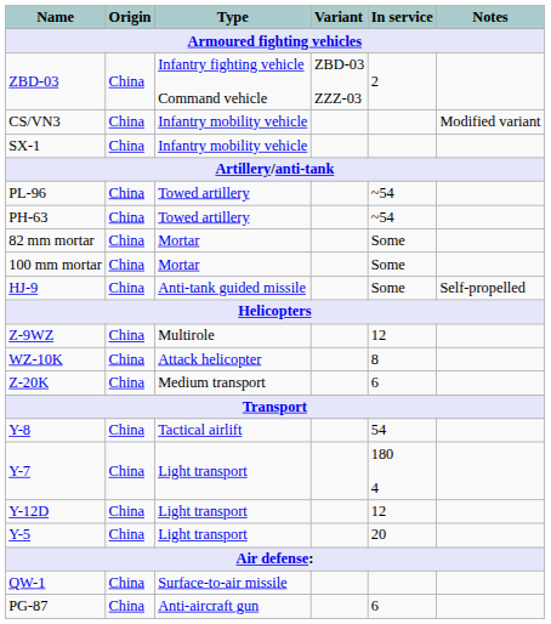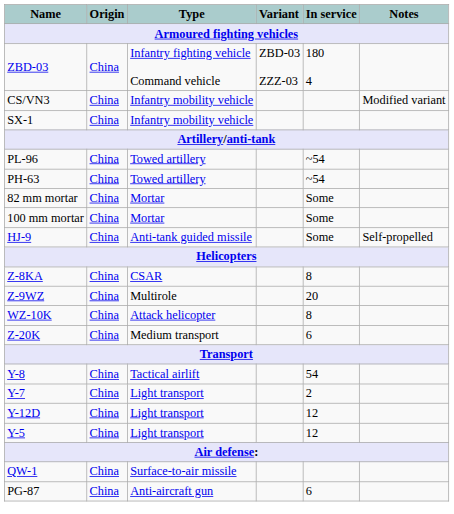 <table class="wikitable">
 <tr>
 <th style="text-align:center; background:#acc;">Name</th>
 <th style="text-align: center; background:#acc;">Origin</th>
 <th style="text-align:l center; background:#acc;">Type</th>
 <th style="text-align:left; background:#acc;">Variant</th>
 <th style="text-align:center; background:#acc;">In service</th>
 <th style="text-align: center; background:#acc;">Notes</th>
 </tr>
 <tr>
 <th colspan="6" style="align: center; background: lavender;"><a href='#'>Armoured fighting vehicles</a></th>
 </tr>
 <tr>
 <td><a href='#'>ZBD-03</a></td>
 <td><a href='#'>China</a></td>
 <td><a href='#'>Infantry fighting vehicle</a><br><br>Command vehicle</td>
 <td>ZBD-03<br><br>ZZZ-03</td>
-<td>2</td>
+<td>180<br><br>4</td>
 <td></td>
 </tr>
 <tr>
 <td>CS/VN3</td>
 <td><a href='#'>China</a></td>
 <td><a href='#'>Infantry mobility vehicle</a></td>
 <td></td>
 <td></td>
 <td>Modified variant</td>
 </tr>
 <tr>
 <td>SX-1</td>
 <td><a href='#'>China</a></td>
 <td><a href='#'>Infantry mobility vehicle</a></td>
 <td></td>
 <td></td>
 <td></td>
 </tr>
 <tr>
 <th colspan="6" style="align: center; background: lavender;"><a href='#'>Artillery</a>/<a href='#'>anti-tank</a></th>
 </tr>
 <tr>
 <td>PL-96</td>
 <td><a href='#'>China</a></td>
 <td><a href='#'>Towed artillery</a></td>
 <td></td>
 <td>~54</td>
 <td></td>
 </tr>
 <tr>
 <td>PH-63</td>
 <td><a href='#'>China</a></td>
 <td><a href='#'>Towed artillery</a></td>
 <td></td>
 <td>~54</td>
 <td></td>
 </tr>
 <tr>
 <td>82 mm mortar</td>
 <td><a href='#'>China</a></td>
 <td><a href='#'>Mortar</a></td>
 <td></td>
 <td>Some</td>
 <td></td>
 </tr>
 <tr>
 <td>100 mm mortar</td>
 <td><a href='#'>China</a></td>
 <td><a href='#'>Mortar</a></td>
 <td></td>
 <td>Some</td>
 <td></td>
 </tr>
 <tr>
 <td><a href='#'>HJ-9</a></td>
 <td><a href='#'>China</a></td>
 <td><a href='#'>Anti-tank guided missile</a></td>
 <td></td>
 <td>Some</td>
 <td>Self-propelled</td>
 </tr>
 <tr>
 <th style="align: center; background: lavender;" colspan="6"><a href='#'>Helicopters</a></th>
 </tr>
 <tr>
+<td><a href='#'>Z-8KA</a></td>
+<td><a href='#'>China</a></td>
+<td><a href='#'>CSAR</a></td>
+<td></td>
+<td>8</td>
+<td></td>
+</tr>
+<tr>
 <td><a href='#'>Z-9WZ</a></td>
 <td><a href='#'>China</a></td>
 <td>Multirole</td>
 <td></td>
-<td>12</td>
+<td>20</td>
 <td></td>
 </tr>
 <tr>
 <td><a href='#'>WZ-10K</a></td>
 <td><a href='#'>China</a></td>
 <td><a href='#'>Attack helicopter</a></td>
 <td></td>
 <td>8</td>
 <td></td>
 </tr>
 <tr>
 <td><a href='#'>Z-20K</a></td>
 <td><a href='#'>China</a></td>
 <td>Medium transport</td>
 <td></td>
 <td>6</td>
 <td></td>
 </tr>
 <tr>
 <th colspan="6" style="align: center; background: lavender;"><a href='#'>Transport</a></th>
 </tr>
 <tr>
 <td><a href='#'>Y-8</a></td>
 <td><a href='#'>China</a></td>
 <td><a href='#'>Tactical airlift</a></td>
 <td></td>
 <td>54</td>
 <td></td>
 </tr>
 <tr>
 <td><a href='#'>Y-7</a></td>
 <td><a href='#'>China</a></td>
 <td><a href='#'>Light transport</a></td>
 <td></td>
-<td>180<br><br>4</td>
+<td>2</td>
 <td></td>
 </tr>
 <tr>
 <td><a href='#'>Y-12D</a></td>
 <td><a href='#'>China</a></td>
 <td><a href='#'>Light transport</a></td>
 <td></td>
 <td>12</td>
 <td></td>
 </tr>
 <tr>
 <td><a href='#'>Y-5</a></td>
 <td><a href='#'>China</a></td>
 <td><a href='#'>Light transport</a></td>
 <td></td>
-<td>20</td>
+<td>12</td>
 <td></td>
 </tr>
 <tr>
 <th colspan="6" style="align: center; background: lavender;"><a href='#'>Air defense</a>:</th>
 </tr>
 <tr>
 <td><a href='#'>QW-1</a></td>
 <td><a href='#'>China</a></td>
 <td><a href='#'>Surface-to-air missile</a></td>
 <td></td>
 <td></td>
 <td></td>
 </tr>
 <tr>
 <td>PG-87</td>
 <td><a href='#'>China</a></td>
 <td><a href='#'>Anti-aircraft gun</a></td>
 <td></td>
 <td>6</td>
 <td></td>
 </tr>
 </table>
